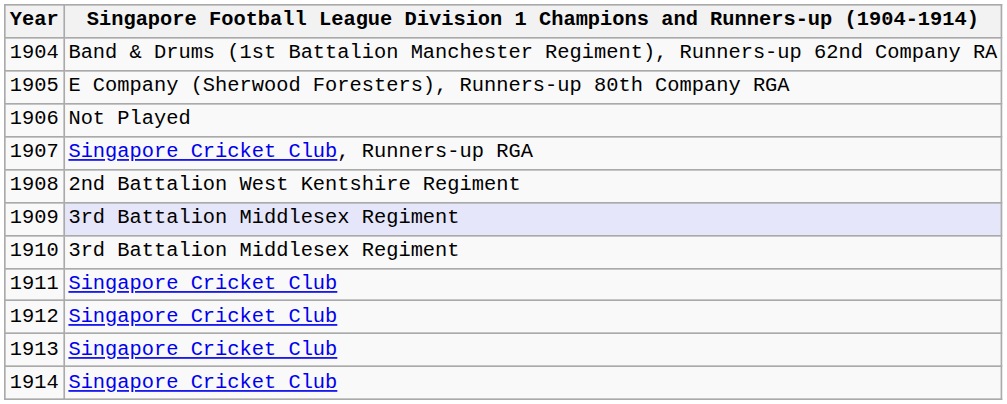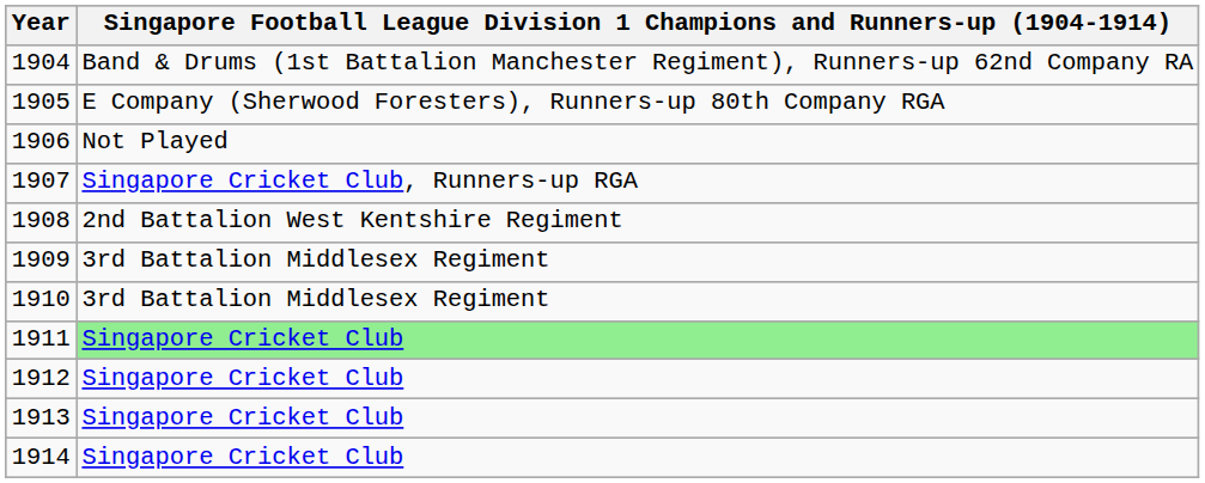 <table class="wikitable" style="font-size:95%;">
 <tr>
 <th>Year</th>
 <th>Singapore Football League Division 1 Champions and Runners-up (1904-1914)</th>
 </tr>
 <tr>
 <td>1904</td>
 <td>Band & Drums (1st Battalion Manchester Regiment), Runners-up 62nd Company RA</td>
 </tr>
 <tr>
 <td>1905</td>
 <td>E Company (Sherwood Foresters), Runners-up 80th Company RGA</td>
 </tr>
 <tr>
 <td>1906</td>
 <td>Not Played</td>
 </tr>
 <tr>
 <td>1907</td>
 <td><a href='#'>Singapore Cricket Club</a>, Runners-up RGA</td>
 </tr>
 <tr>
 <td>1908</td>
 <td>2nd Battalion West Kentshire Regiment</td>
 </tr>
 <tr>
 <td>1909</td>
-<td style="background: lavender;">3rd Battalion Middlesex Regiment</td>
+<td>3rd Battalion Middlesex Regiment</td>
 </tr>
 <tr>
 <td>1910</td>
 <td>3rd Battalion Middlesex Regiment</td>
 </tr>
 <tr>
 <td>1911</td>
-<td><a href='#'>Singapore Cricket Club</a></td>
+<td style="background: lightgreen;"><a href='#'>Singapore Cricket Club</a></td>
 </tr>
 <tr>
 <td>1912</td>
 <td><a href='#'>Singapore Cricket Club</a></td>
 </tr>
 <tr>
 <td>1913</td>
 <td><a href='#'>Singapore Cricket Club</a></td>
 </tr>
 <tr>
 <td>1914</td>
 <td><a href='#'>Singapore Cricket Club</a></td>
 </tr>
 </table>
